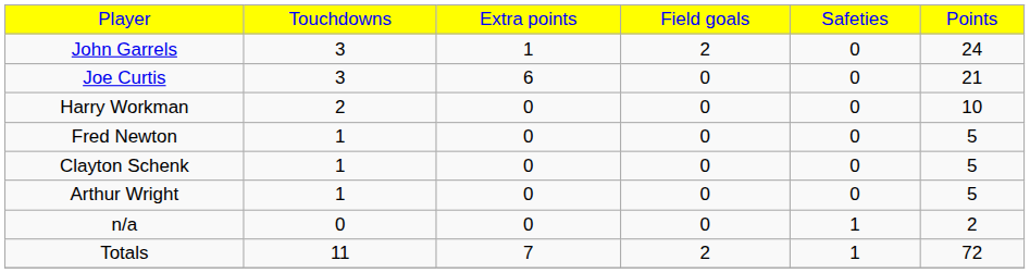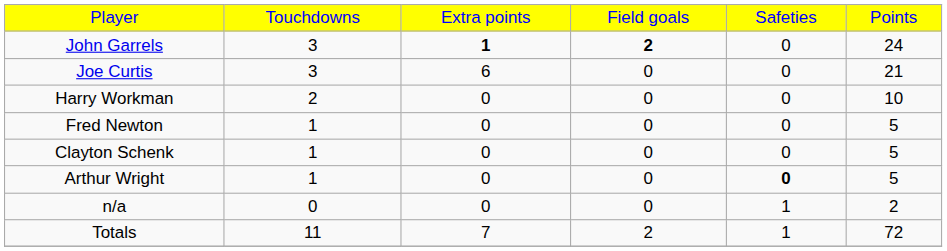 <table class="wikitable" width="70%">
 <tr align="center"  style="background:yellow;color:blue;">
 <td>Player</td>
 <td>Touchdowns</td>
 <td>Extra points</td>
 <td>Field goals</td>
 <td>Safeties</td>
 <td>Points</td>
 </tr>
 <tr align="center" bgcolor="">
 <td><a href='#'>John Garrels</a></td>
 <td>3</td>
-<td>1</td>
-<td>2</td>
+<td><strong>1</strong></td>
+<td><strong>2</strong></td>
 <td>0</td>
 <td>24</td>
 </tr>
 <tr align="center" bgcolor="">
 <td><a href='#'>Joe Curtis</a></td>
 <td>3</td>
 <td>6</td>
 <td>0</td>
 <td>0</td>
 <td>21</td>
 </tr>
 <tr align="center" bgcolor="">
 <td>Harry Workman</td>
 <td>2</td>
 <td>0</td>
 <td>0</td>
 <td>0</td>
 <td>10</td>
 </tr>
 <tr align="center" bgcolor="">
 <td>Fred Newton</td>
 <td>1</td>
 <td>0</td>
 <td>0</td>
 <td>0</td>
 <td>5</td>
 </tr>
 <tr align="center" bgcolor="">
 <td>Clayton Schenk</td>
 <td>1</td>
 <td>0</td>
 <td>0</td>
 <td>0</td>
 <td>5</td>
 </tr>
 <tr align="center" bgcolor="">
 <td>Arthur Wright</td>
 <td>1</td>
 <td>0</td>
 <td>0</td>
-<td>0</td>
+<td><strong>0</strong></td>
 <td>5</td>
 </tr>
 <tr align="center" bgcolor="">
 <td>n/a</td>
 <td>0</td>
 <td>0</td>
 <td>0</td>
 <td>1</td>
 <td>2</td>
 </tr>
 <tr align="center" bgcolor="">
 <td>Totals</td>
 <td>11</td>
 <td>7</td>
 <td>2</td>
 <td>1</td>
 <td>72</td>
 </tr>
 <tr align="center" bgcolor="">
 </tr>
 </table>
